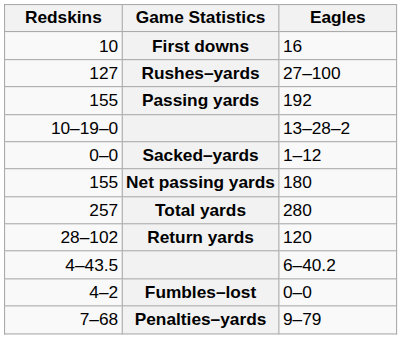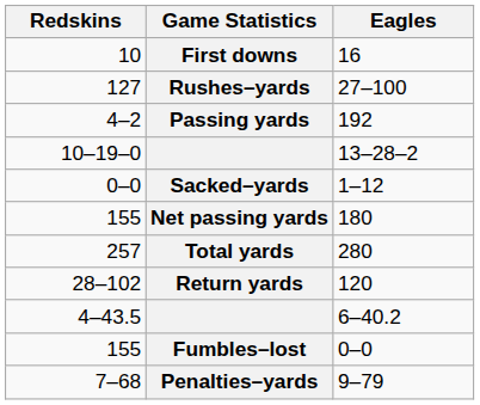 <table class="wikitable" style="margin: 1em auto 1em auto">
 <tr>
 <th style="width:30%;">Redskins</th>
 <th style="width:40%;">Game Statistics</th>
 <th style="width:30%;">Eagles</th>
 </tr>
 <tr>
 <td style="text-align:right;">10</td>
 <th>First downs</th>
 <td>16</td>
 </tr>
 <tr>
 <td style="text-align:right;">127</td>
 <th>Rushes–yards</th>
 <td>27–100</td>
 </tr>
 <tr>
-<td style="text-align:right;">155</td>
+<td style="text-align:right;">4–2</td>
 <th>Passing yards</th>
 <td>192</td>
 </tr>
 <tr>
 <td style="text-align:right;">10–19–0</td>
 <th></th>
 <td>13–28–2</td>
 </tr>
 <tr>
 <td style="text-align:right;">0–0</td>
 <th>Sacked–yards</th>
 <td>1–12</td>
 </tr>
 <tr>
 <td style="text-align:right;">155</td>
 <th>Net passing yards</th>
 <td>180</td>
 </tr>
 <tr>
 <td style="text-align:right;">257</td>
 <th>Total yards</th>
 <td>280</td>
 </tr>
 <tr>
 <td style="text-align:right;">28–102</td>
 <th>Return yards</th>
 <td>120</td>
 </tr>
 <tr>
 <td style="text-align:right;">4–43.5</td>
 <th></th>
 <td>6–40.2</td>
 </tr>
 <tr>
-<td style="text-align:right;">4–2</td>
+<td style="text-align:right;">155</td>
 <th>Fumbles–lost</th>
 <td>0–0</td>
 </tr>
 <tr>
 <td style="text-align:right;">7–68</td>
 <th>Penalties–yards</th>
 <td>9–79</td>
 </tr>
 </table>
